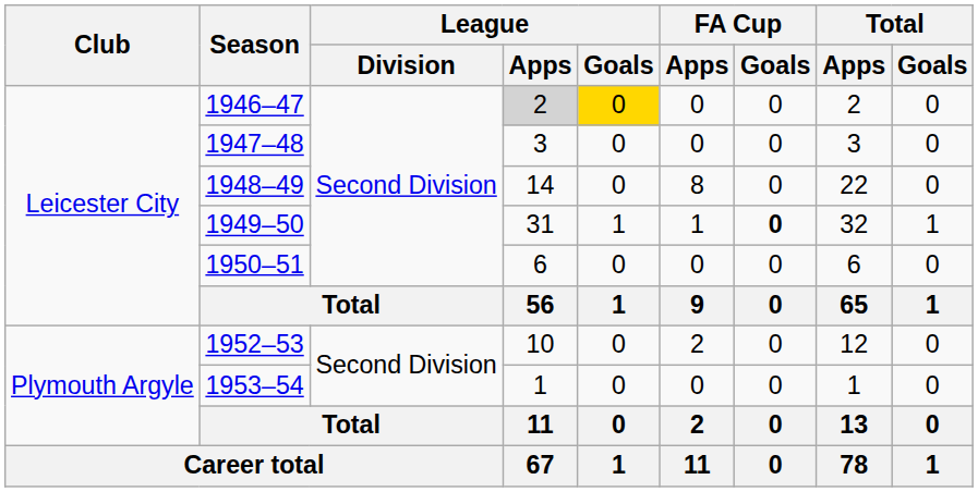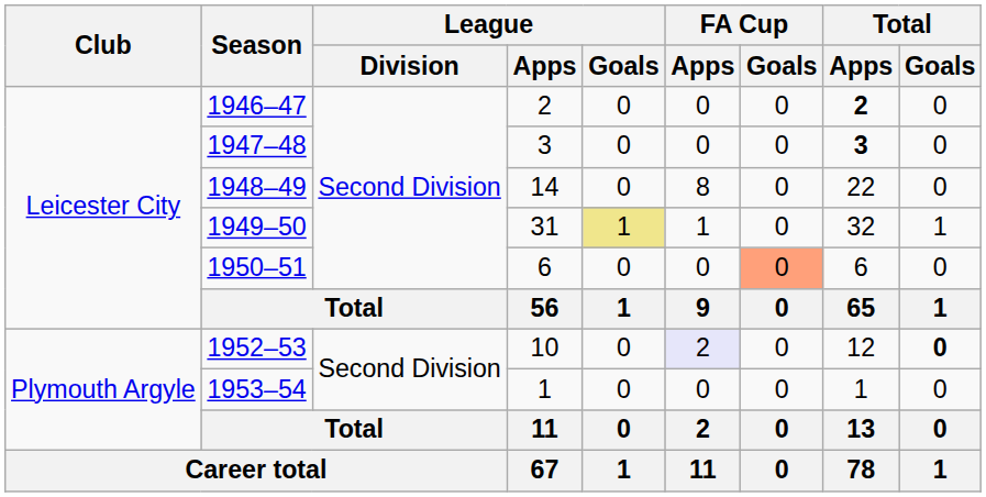 <table class="wikitable" style="text-align:center">
 <tr>
 <th rowspan="2">Club</th>
 <th rowspan="2">Season</th>
 <th colspan="3">League</th>
 <th colspan="2">FA Cup</th>
 <th colspan="2">Total</th>
 </tr>
 <tr>
 <th>Division</th>
 <th>Apps</th>
 <th>Goals</th>
 <th>Apps</th>
 <th>Goals</th>
 <th>Apps</th>
 <th>Goals</th>
 </tr>
 <tr>
 <td rowspan="6"><a href='#'>Leicester City</a></td>
 <td><a href='#'>1946–47</a></td>
 <td rowspan="5"><a href='#'>Second Division</a></td>
-<td style="background: lightgrey;">2</td>
-<td style="background: gold;">0</td>
+<td>2</td>
 <td>0</td>
 <td>0</td>
-<td>2</td>
+<td>0</td>
+<td><strong>2</strong></td>
 <td>0</td>
 </tr>
 <tr>
 <td><a href='#'>1947–48</a></td>
 <td>3</td>
 <td>0</td>
 <td>0</td>
 <td>0</td>
-<td>3</td>
+<td><strong>3</strong></td>
 <td>0</td>
 </tr>
 <tr>
 <td><a href='#'>1948–49</a></td>
 <td>14</td>
 <td>0</td>
 <td>8</td>
 <td>0</td>
 <td>22</td>
 <td>0</td>
 </tr>
 <tr>
 <td><a href='#'>1949–50</a></td>
 <td>31</td>
+<td style="background: khaki;">1</td>
 <td>1</td>
-<td>1</td>
-<td><strong>0</strong></td>
+<td>0</td>
 <td>32</td>
 <td>1</td>
 </tr>
 <tr>
 <td><a href='#'>1950–51</a></td>
 <td>6</td>
 <td>0</td>
 <td>0</td>
-<td>0</td>
+<td style="background: lightsalmon;">0</td>
 <td>6</td>
 <td>0</td>
 </tr>
 <tr>
 <th colspan="2">Total</th>
 <th>56</th>
 <th>1</th>
 <th>9</th>
 <th>0</th>
 <th>65</th>
 <th>1</th>
 </tr>
 <tr>
 <td rowspan="3"><a href='#'>Plymouth Argyle</a></td>
 <td><a href='#'>1952–53</a></td>
 <td rowspan="2">Second Division</td>
 <td>10</td>
 <td>0</td>
-<td>2</td>
+<td style="background: lavender;">2</td>
 <td>0</td>
 <td>12</td>
-<td>0</td>
+<td><strong>0</strong></td>
 </tr>
 <tr>
 <td><a href='#'>1953–54</a></td>
 <td>1</td>
 <td>0</td>
 <td>0</td>
 <td>0</td>
 <td>1</td>
 <td>0</td>
 </tr>
 <tr>
 <th colspan="2">Total</th>
 <th>11</th>
 <th>0</th>
 <th>2</th>
 <th>0</th>
 <th>13</th>
 <th>0</th>
 </tr>
 <tr>
 <th colspan="3">Career total</th>
 <th>67</th>
 <th>1</th>
 <th>11</th>
 <th>0</th>
 <th>78</th>
 <th>1</th>
 </tr>
 </table>
